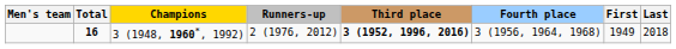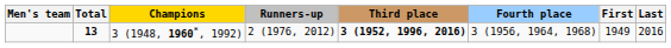 <table class="wikitable" style="text-align: center; font-size: 90%; margin-left: 1em;">
 <tr>
 <th>Men's team</th>
 <th>Total</th>
 <th style="background-color: gold;">Champions</th>
 <th style="background-color: silver;">Runners-up</th>
 <th style="background-color: #cc9966;">Third place</th>
 <th style="background-color: #9acdff;">Fourth place</th>
 <th>First</th>
 <th>Last</th>
 </tr>
 <tr>
 <td style="text-align: left;"></td>
-<td><strong>16</strong></td>
+<td><strong>13</strong></td>
 <td>3 (1948, <strong>1960</strong><sup>*</sup>, 1992)</td>
 <td>2 (1976, 2012)</td>
 <td><strong>3 (1952, 1996, 2016)</strong></td>
 <td>3 (1956, 1964, 1968)</td>
 <td>1949</td>
-<td>2018</td>
+<td>2016</td>
 </tr>
 </table>
